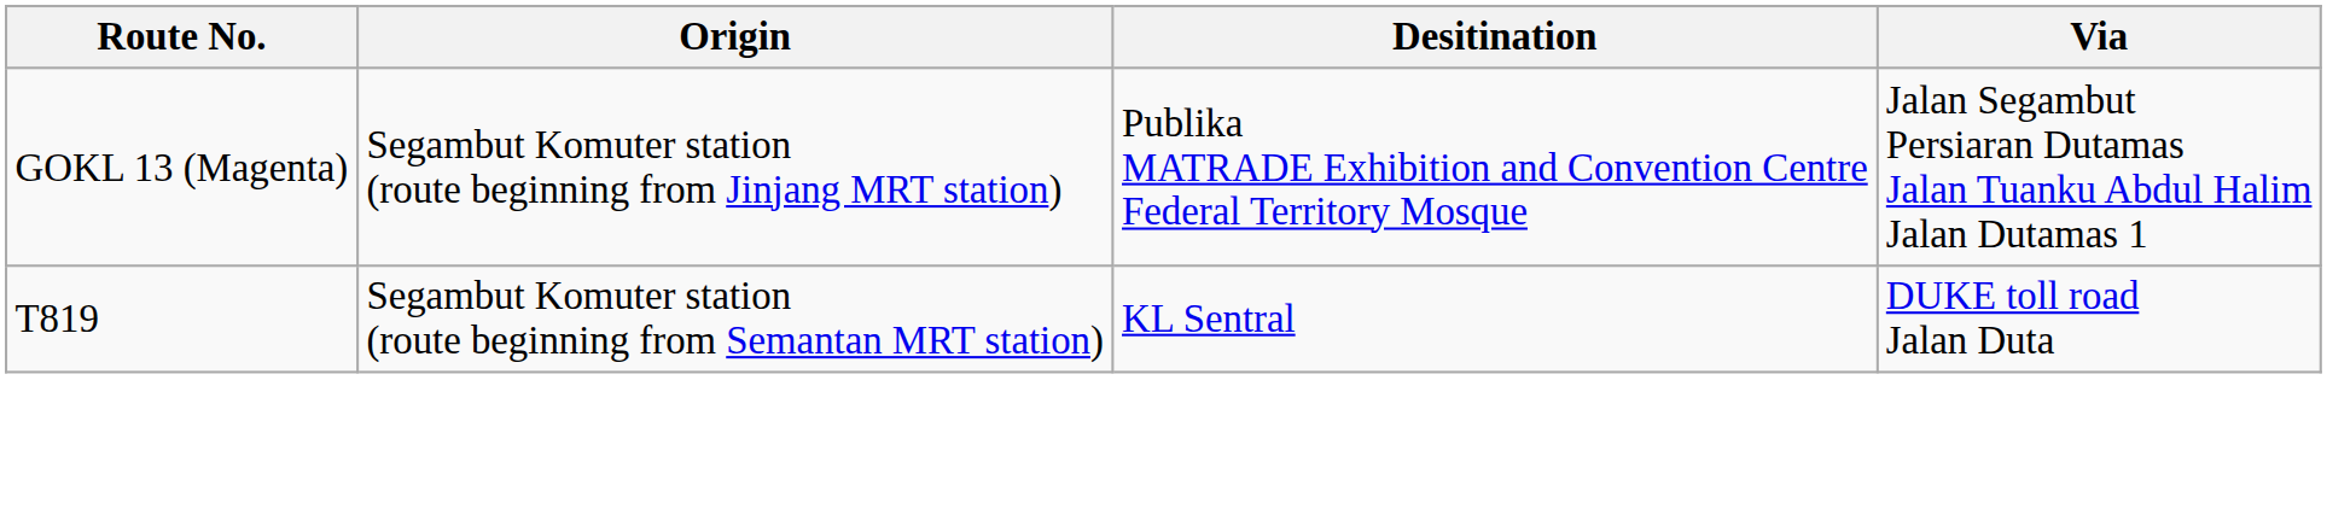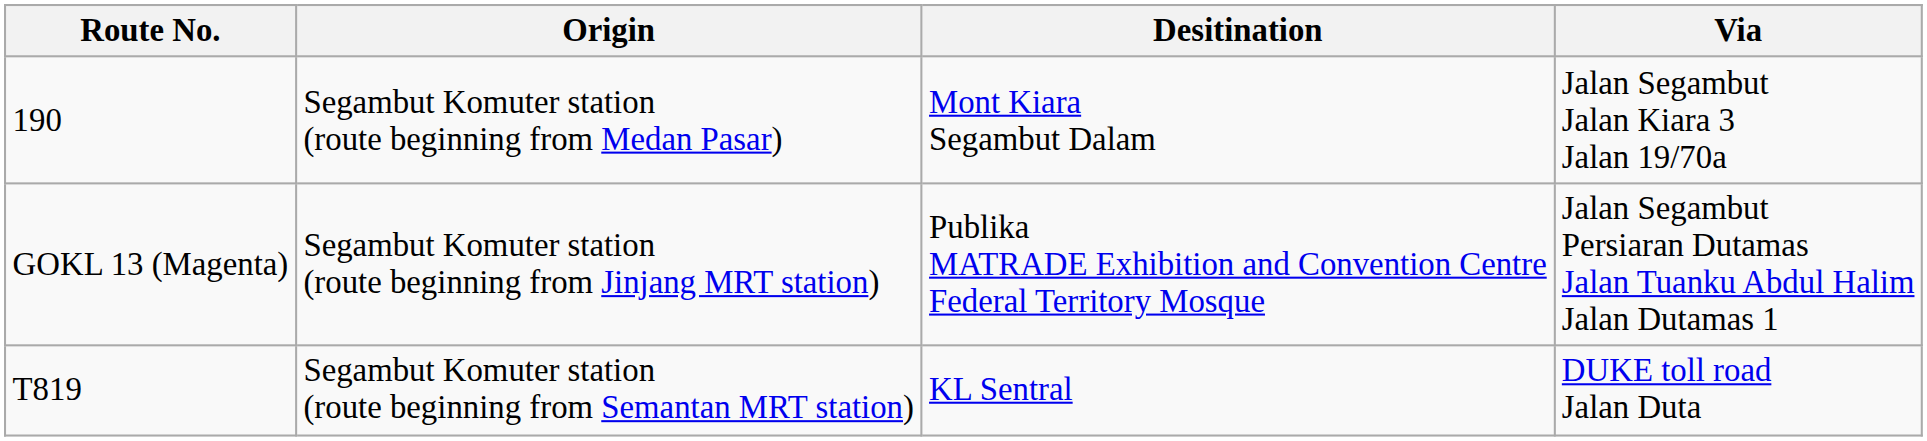 <table class="wikitable">
 <tr>
 <th>Route No.</th>
 <th>Origin</th>
 <th>Desitination</th>
 <th>Via</th>
+</tr>
+<tr>
+<td>190</td>
+<td> Segambut Komuter station <br>(route beginning from <a href='#'>Medan Pasar</a>)</td>
+<td><a href='#'>Mont Kiara</a><br>Segambut Dalam</td>
+<td>Jalan Segambut<br>Jalan Kiara 3<br>Jalan 19/70a</td>
 </tr>
 <tr>
 <td>GOKL 13 (Magenta)</td>
 <td> Segambut Komuter station<br>(route beginning from  <a href='#'>Jinjang MRT station</a>)</td>
 <td>Publika<br><a href='#'>MATRADE Exhibition and Convention Centre</a><br> <a href='#'>Federal Territory Mosque</a></td>
 <td>Jalan Segambut<br>Persiaran Dutamas<br> <a href='#'>Jalan Tuanku Abdul Halim</a><br> Jalan Dutamas 1</td>
 </tr>
 <tr>
 <td>T819</td>
 <td> Segambut Komuter station<br>(route beginning from  <a href='#'>Semantan MRT station</a>)</td>
 <td><a href='#'>KL Sentral</a></td>
 <td><a href='#'>DUKE toll road</a><br>Jalan Duta</td>
 </tr>
 </table>
